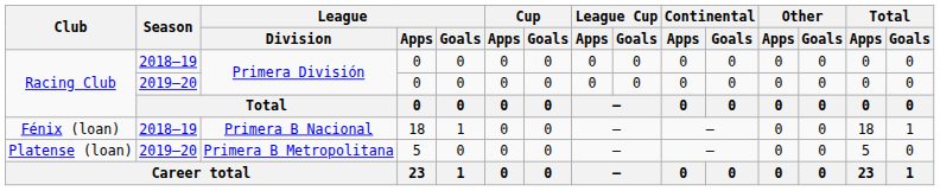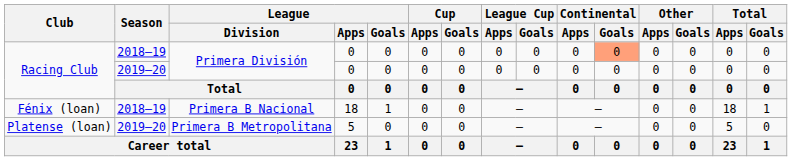 <table class="wikitable" style="text-align:center">
 <tr>
 <th rowspan="2">Club</th>
 <th rowspan="2">Season</th>
 <th colspan="3">League</th>
 <th colspan="2">Cup</th>
 <th colspan="2">League Cup</th>
 <th colspan="2">Continental</th>
 <th colspan="2">Other</th>
 <th colspan="2">Total</th>
 </tr>
 <tr>
 <th>Division</th>
 <th>Apps</th>
 <th>Goals</th>
 <th>Apps</th>
 <th>Goals</th>
 <th>Apps</th>
 <th>Goals</th>
 <th>Apps</th>
 <th>Goals</th>
 <th>Apps</th>
 <th>Goals</th>
 <th>Apps</th>
 <th>Goals</th>
 </tr>
 <tr>
 <td rowspan="3"><a href='#'>Racing Club</a></td>
 <td><a href='#'>2018–19</a></td>
 <td rowspan="2"><a href='#'>Primera División</a></td>
 <td>0</td>
 <td>0</td>
 <td>0</td>
 <td>0</td>
 <td>0</td>
 <td>0</td>
 <td>0</td>
-<td>0</td>
+<td style="background: lightsalmon;">0</td>
 <td>0</td>
 <td>0</td>
 <td>0</td>
 <td>0</td>
 </tr>
 <tr>
 <td><a href='#'>2019–20</a></td>
 <td>0</td>
 <td>0</td>
 <td>0</td>
 <td>0</td>
 <td>0</td>
 <td>0</td>
 <td>0</td>
 <td>0</td>
 <td>0</td>
 <td>0</td>
 <td>0</td>
 <td>0</td>
 </tr>
 <tr>
 <th colspan="2">Total</th>
 <th>0</th>
 <th>0</th>
 <th>0</th>
 <th>0</th>
 <th colspan="2">—</th>
 <th>0</th>
 <th>0</th>
 <th>0</th>
 <th>0</th>
 <th>0</th>
 <th>0</th>
 </tr>
 <tr>
 <td rowspan="1"><a href='#'>Fénix</a> (loan)</td>
 <td><a href='#'>2018–19</a></td>
 <td rowspan="1"><a href='#'>Primera B Nacional</a></td>
 <td>18</td>
 <td>1</td>
 <td>0</td>
 <td>0</td>
 <td colspan="2">—</td>
 <td colspan="2">—</td>
 <td>0</td>
 <td>0</td>
 <td>18</td>
 <td>1</td>
 </tr>
 <tr>
 <td rowspan="1"><a href='#'>Platense</a> (loan)</td>
 <td><a href='#'>2019–20</a></td>
 <td rowspan="1"><a href='#'>Primera B Metropolitana</a></td>
 <td>5</td>
 <td>0</td>
 <td>0</td>
 <td>0</td>
 <td colspan="2">—</td>
 <td colspan="2">—</td>
 <td>0</td>
 <td>0</td>
 <td>5</td>
 <td>0</td>
 </tr>
 <tr>
 <th colspan="3">Career total</th>
 <th>23</th>
 <th>1</th>
 <th>0</th>
 <th>0</th>
 <th colspan="2">—</th>
 <th>0</th>
 <th>0</th>
 <th>0</th>
 <th>0</th>
 <th>23</th>
 <th>1</th>
 </tr>
 </table>
